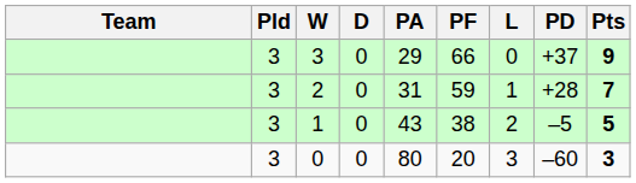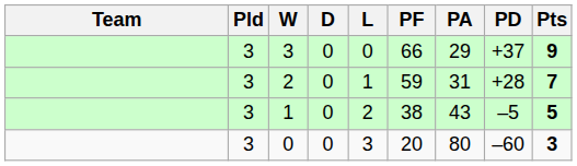 <table class="wikitable" style="text-align:center;">
 <tr>
 <th width=175>Team</th>
 <th width=25 abbr="Played">Pld</th>
 <th width=25 abbr="Won">W</th>
 <th width=25 abbr="Drawn">D</th>
+<th width=25 abbr="Lost">L</th>
+<th width=32 abbr="Points for">PF</th>
 <th width=32 abbr="Points against">PA</th>
-<th width=32 abbr="Points for">PF</th>
-<th width=25 abbr="Lost">L</th>
 <th width=32 abbr="Points difference">PD</th>
 <th width=25 abbr="Points">Pts</th>
 </tr>
 <tr bgcolor=ccffcc>
 <td align=left></td>
 <td>3</td>
 <td>3</td>
 <td>0</td>
+<td>0</td>
+<td>66</td>
 <td>29</td>
-<td>66</td>
-<td>0</td>
 <td>+37</td>
 <td><strong>9</strong></td>
 </tr>
 <tr bgcolor=ccffcc>
 <td align=left></td>
 <td>3</td>
 <td>2</td>
 <td>0</td>
+<td>1</td>
+<td>59</td>
 <td>31</td>
-<td>59</td>
-<td>1</td>
 <td>+28</td>
 <td><strong>7</strong></td>
 </tr>
 <tr bgcolor=ccffcc>
 <td align=left></td>
 <td>3</td>
 <td>1</td>
 <td>0</td>
+<td>2</td>
+<td>38</td>
 <td>43</td>
-<td>38</td>
-<td>2</td>
 <td>–5</td>
 <td><strong>5</strong></td>
 </tr>
 <tr>
 <td align=left></td>
 <td>3</td>
 <td>0</td>
 <td>0</td>
+<td>3</td>
+<td>20</td>
 <td>80</td>
-<td>20</td>
-<td>3</td>
 <td>–60</td>
 <td><strong>3</strong></td>
 </tr>
 </table>
